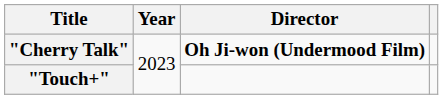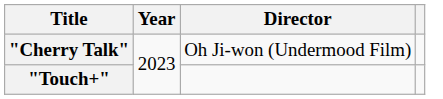 <table class="wikitable plainrowheaders" style="text-align:center">
 <tr>
 <th scope="col">Title</th>
 <th scope="col">Year</th>
 <th scope="col">Director</th>
 <th scope="col"></th>
 </tr>
 <tr>
 <th scope="row">"Cherry Talk"</th>
 <td rowspan="2">2023</td>
-<td><strong>Oh Ji-won (Undermood Film)</strong></td>
+<td>Oh Ji-won (Undermood Film)</td>
 <td></td>
 </tr>
 <tr>
 <th scope="row">"Touch+"</th>
 <td></td>
 <td></td>
 </tr>
 </table>
